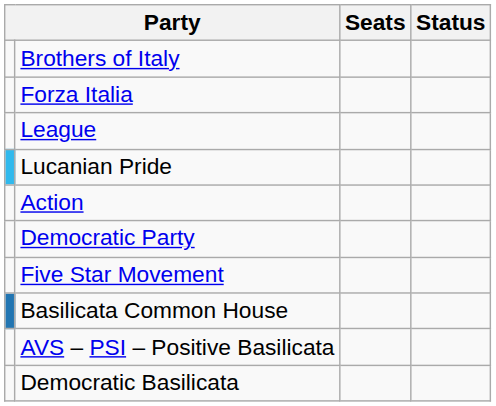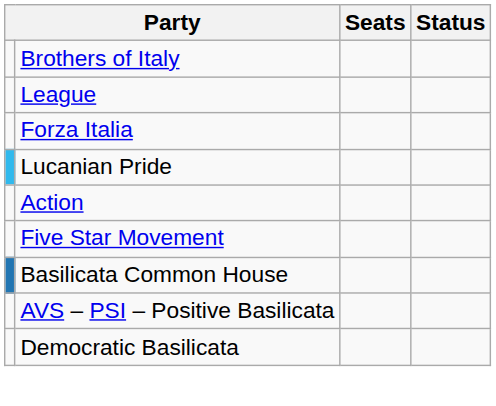 <table class=wikitable>
 <tr>
 <th colspan=2>Party</th>
 <th>Seats</th>
 <th>Status</th>
 </tr>
 <tr>
 <td style="color:inherit;background:"></td>
 <td><a href='#'>Brothers of Italy</a></td>
 <td></td>
 <td></td>
 </tr>
 <tr>
 <td style="color:inherit;background:"></td>
-<td><a href='#'>Forza Italia</a></td>
+<td><a href='#'>League</a></td>
 <td></td>
 <td></td>
 </tr>
 <tr>
 <td style="color:inherit;background:"></td>
-<td><a href='#'>League</a></td>
+<td><a href='#'>Forza Italia</a></td>
 <td></td>
 <td></td>
 </tr>
 <tr>
 <td style="color:inherit;background:#30b9ed"></td>
 <td>Lucanian Pride</td>
 <td></td>
 <td></td>
 </tr>
 <tr>
 <td style="color:inherit;background:"></td>
 <td><a href='#'>Action</a></td>
-<td></td>
-<td></td>
-</tr>
-<tr>
-<td style="color:inherit;background:"></td>
-<td><a href='#'>Democratic Party</a></td>
 <td></td>
 <td></td>
 </tr>
 <tr>
 <td style="color:inherit;background:"></td>
 <td><a href='#'>Five Star Movement</a></td>
 <td></td>
 <td></td>
 </tr>
 <tr>
 <td style="color:inherit;background:#2175b2"></td>
 <td>Basilicata Common House</td>
 <td></td>
 <td></td>
 </tr>
 <tr>
 <td style="color:inherit;background:"></td>
 <td><a href='#'>AVS</a> – <a href='#'>PSI</a> – Positive Basilicata</td>
 <td></td>
 <td></td>
 </tr>
 <tr>
 <td style="color:inherit;background:"></td>
 <td>Democratic Basilicata</td>
 <td></td>
 <td></td>
 </tr>
 </table>
